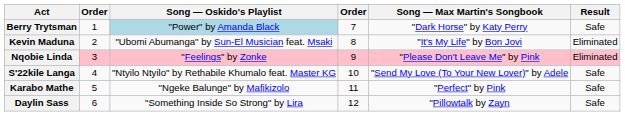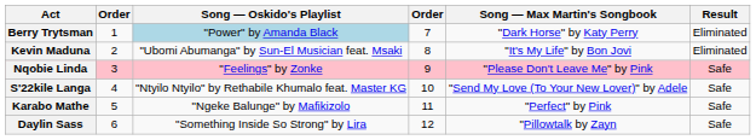 <table class="wikitable plainrowheaders" style="text-align:center;">
 <tr>
 <th scope"col">Act</th>
 <th scope"col">Order</th>
 <th scope"col">Song — Oskido's Playlist</th>
 <th scope"col">Order</th>
 <th scope"col">Song — Max Martin's Songbook</th>
 <th scope"col">Result</th>
 </tr>
 <tr>
 <th scope=row>Berry Trytsman</th>
 <td>1</td>
 <td style="background: lightblue;">"Power" by <a href='#'>Amanda Black</a></td>
 <td>7</td>
 <td>"<a href='#'>Dark Horse</a>" by <a href='#'>Katy Perry</a></td>
-<td>Safe</td>
+<td>Eliminated</td>
 </tr>
 <tr>
 <th scope=row>Kevin Maduna</th>
 <td>2</td>
 <td>"Ubomi Abumanga" by <a href='#'>Sun-El Musician</a> feat. <a href='#'>Msaki</a></td>
 <td>8</td>
 <td>"<a href='#'>It's My Life</a>" by <a href='#'>Bon Jovi</a></td>
 <td>Eliminated</td>
 </tr>
 <tr style="background: pink">
 <th scope=row>Nqobie Linda</th>
 <td>3</td>
 <td>"<a href='#'>Feelings</a>" by <a href='#'>Zonke</a></td>
 <td>9</td>
 <td>"<a href='#'>Please Don't Leave Me</a>" by <a href='#'>Pink</a></td>
-<td>Eliminated</td>
+<td>Safe</td>
 </tr>
 <tr>
 <th scope=row>S'22kile Langa</th>
 <td>4</td>
 <td>"Ntyilo Ntyilo" by Rethabile Khumalo feat. <a href='#'>Master KG</a></td>
 <td>10</td>
 <td>"<a href='#'>Send My Love (To Your New Lover)</a>" by <a href='#'>Adele</a></td>
 <td>Safe</td>
 </tr>
 <tr>
 <th scope=row>Karabo Mathe</th>
 <td>5</td>
 <td>"Ngeke Balunge" by <a href='#'>Mafikizolo</a></td>
 <td>11</td>
 <td>"<a href='#'>Perfect</a>" by <a href='#'>Pink</a></td>
 <td>Safe</td>
 </tr>
 <tr>
 <th scope=row>Daylin Sass</th>
 <td>6</td>
 <td>"Something Inside So Strong" by <a href='#'>Lira</a></td>
 <td>12</td>
 <td>"<a href='#'>Pillowtalk</a> by <a href='#'>Zayn</a></td>
 <td>Safe</td>
 </tr>
 </table>
